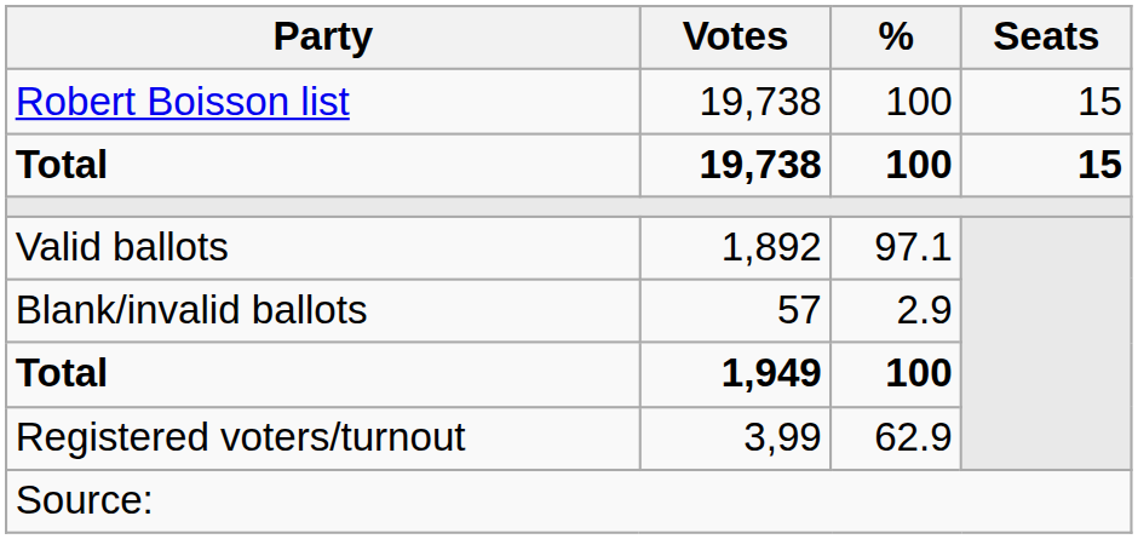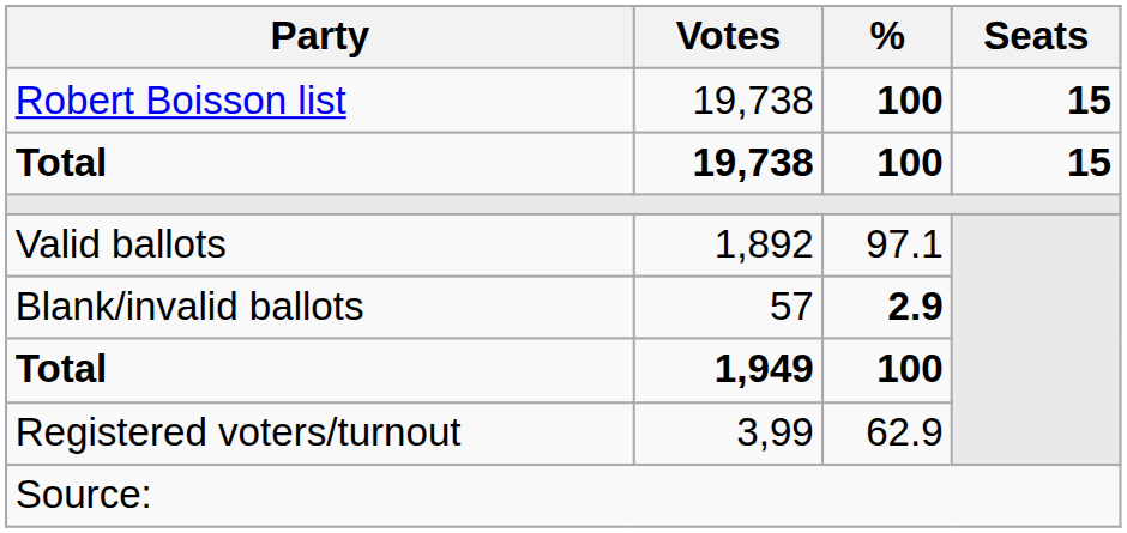 <table class=wikitable style=text-align:right width=450>
 <tr>
 <th>Party</th>
 <th>Votes</th>
 <th>%</th>
 <th>Seats</th>
 </tr>
 <tr>
 <td align=left><a href='#'>Robert Boisson list</a></td>
 <td>19,738</td>
-<td>100</td>
-<td>15</td>
+<td><strong>100</strong></td>
+<td><strong>15</strong></td>
 </tr>
 <tr>
 <td align=left><strong>Total</strong></td>
 <td><strong>19,738</strong></td>
 <td><strong>100</strong></td>
 <td><strong>15</strong></td>
 </tr>
 <tr>
 <td bgcolor=#E9E9E9 colspan=4></td>
 </tr>
 <tr>
 <td align=left>Valid ballots</td>
 <td>1,892</td>
 <td>97.1</td>
 <td rowspan=4 bgcolor=#E9E9E9></td>
 </tr>
 <tr>
 <td align=left>Blank/invalid ballots</td>
 <td>57</td>
-<td>2.9</td>
+<td><strong>2.9</strong></td>
 </tr>
 <tr>
 <td align=left><strong> Total</strong></td>
 <td><strong> 1,949</strong></td>
 <td><strong>100</strong></td>
 </tr>
 <tr>
 <td align=left>Registered voters/turnout</td>
 <td>3,99</td>
 <td>62.9</td>
 </tr>
 <tr>
 <td align=left colspan=4>Source: </td>
 </tr>
 </table>
